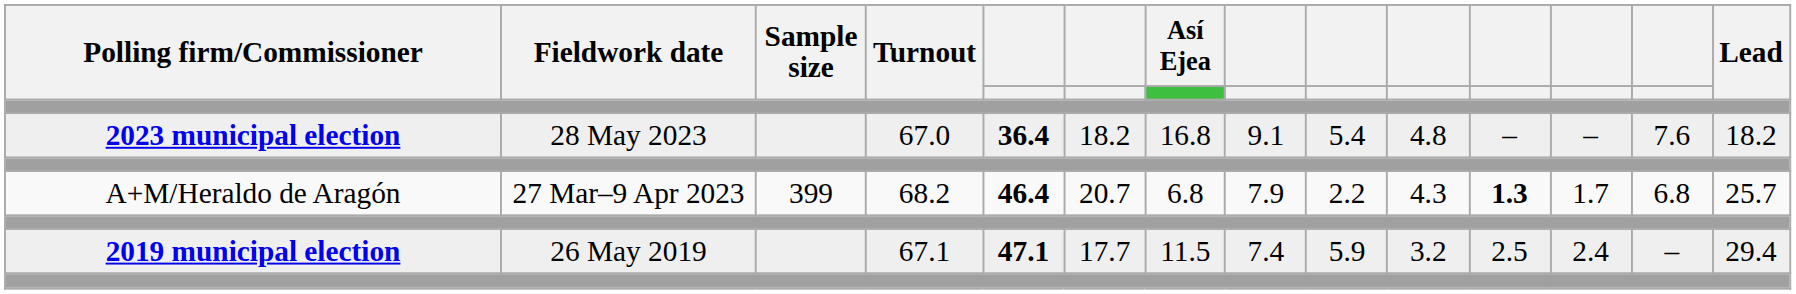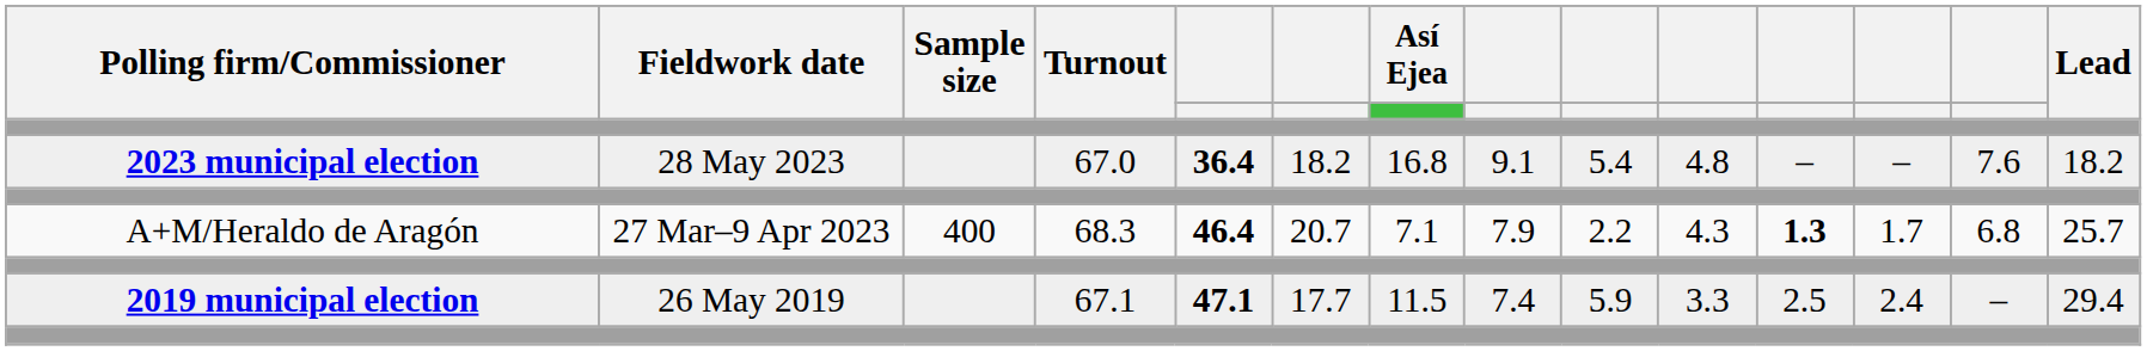 <table class="wikitable collapsible collapsed" style="text-align:center; font-size:95%; line-height:16px;">
 <tr style="height:42px;">
 <th style="width:250px;" rowspan="2">Polling firm/Commissioner</th>
 <th style="width:125px;" rowspan="2">Fieldwork date</th>
 <th style="width:50px;" rowspan="2">Sample size</th>
 <th style="width:45px;" rowspan="2">Turnout</th>
 <th style="width:35px;"></th>
 <th style="width:35px;"></th>
 <th style="width:35px; font-size:90%;">Así<br>Ejea</th>
 <th style="width:35px;"></th>
 <th style="width:35px;"></th>
 <th style="width:35px;"></th>
 <th style="width:35px;"></th>
 <th style="width:35px;"></th>
 <th style="width:35px;"></th>
 <th style="width:30px;" rowspan="2">Lead</th>
 </tr>
 <tr>
 <th style="color:inherit;background:"></th>
 <th style="color:inherit;background:"></th>
 <th style="color:inherit;background:#3EBF40;"></th>
 <th style="color:inherit;background:"></th>
 <th style="color:inherit;background:"></th>
 <th style="color:inherit;background:"></th>
 <th style="color:inherit;background:"></th>
 <th style="color:inherit;background:"></th>
 <th style="color:inherit;background:"></th>
 </tr>
 <tr>
 <td colspan="14" style="background:#A0A0A0"></td>
 </tr>
 <tr style="background:#EFEFEF;">
 <td><strong><a href='#'>2023 municipal election</a></strong></td>
 <td>28 May 2023</td>
 <td></td>
 <td>67.0</td>
 <td><strong>36.4</strong><br></td>
 <td>18.2<br></td>
 <td>16.8<br></td>
 <td>9.1<br></td>
 <td>5.4<br></td>
 <td>4.8<br></td>
 <td>–</td>
 <td>–</td>
 <td>7.6<br></td>
 <td style="background:">18.2</td>
 </tr>
 <tr>
 <td colspan="14" style="background:#A0A0A0"></td>
 </tr>
 <tr>
 <td>A+M/Heraldo de Aragón</td>
 <td>27 Mar–9 Apr 2023</td>
-<td>399</td>
-<td>68.2</td>
+<td>400</td>
+<td>68.3</td>
 <td><strong>46.4</strong><br></td>
 <td>20.7<br></td>
-<td>6.8<br></td>
+<td>7.1<br></td>
 <td>7.9<br></td>
 <td>2.2<br></td>
 <td>4.3<br></td>
 <td><strong>1.3<br></strong></td>
 <td>1.7<br></td>
 <td>6.8<br></td>
 <td style="background:">25.7</td>
 </tr>
 <tr>
 <td colspan="14" style="background:#A0A0A0"></td>
 </tr>
 <tr style="background:#EFEFEF;">
 <td><strong><a href='#'>2019 municipal election</a></strong></td>
 <td>26 May 2019</td>
 <td></td>
 <td>67.1</td>
 <td><strong>47.1</strong><br></td>
 <td>17.7<br></td>
 <td>11.5<br></td>
 <td>7.4<br></td>
 <td>5.9<br></td>
-<td>3.2<br></td>
+<td>3.3<br></td>
 <td>2.5<br></td>
 <td>2.4<br></td>
 <td>–</td>
 <td style="background:">29.4</td>
 </tr>
 <tr>
 <td colspan="14" style="background:#A0A0A0"></td>
 </tr>
 </table>
